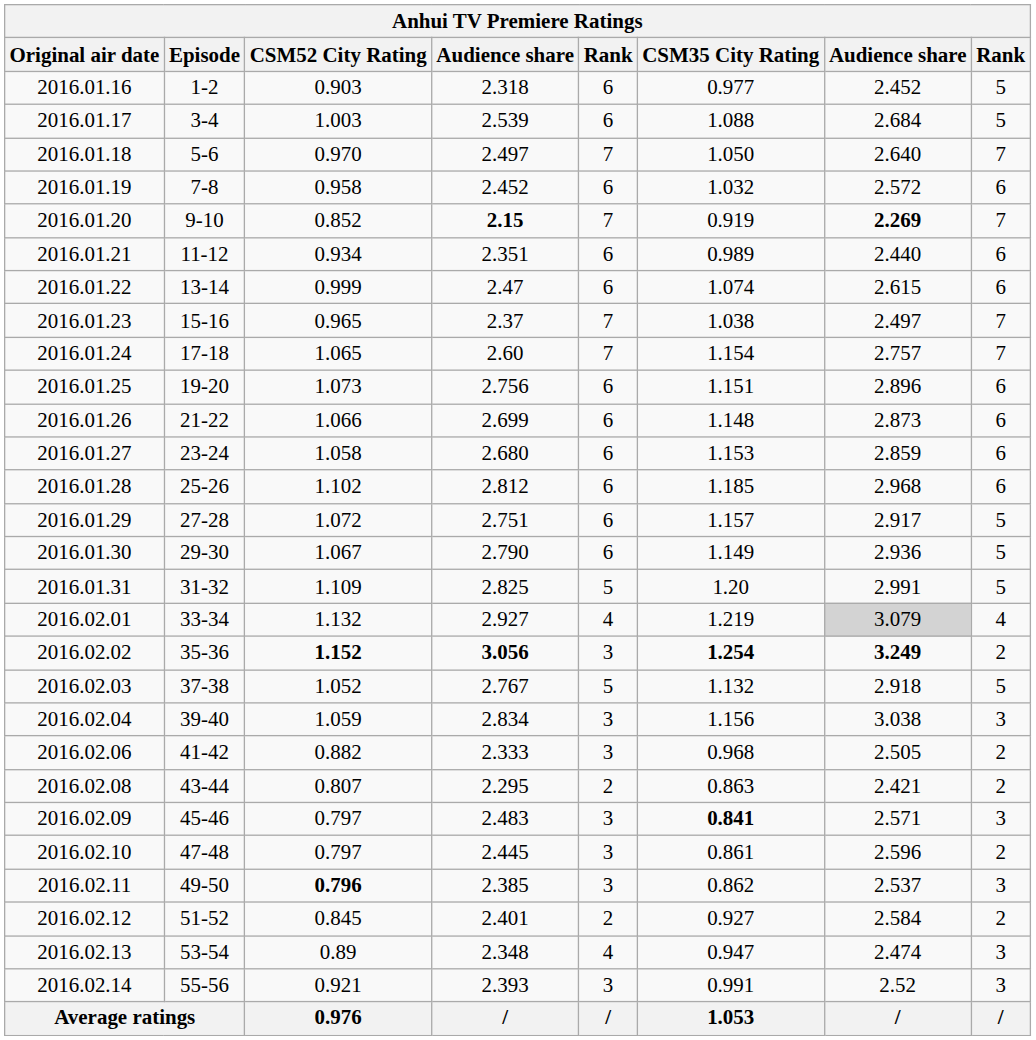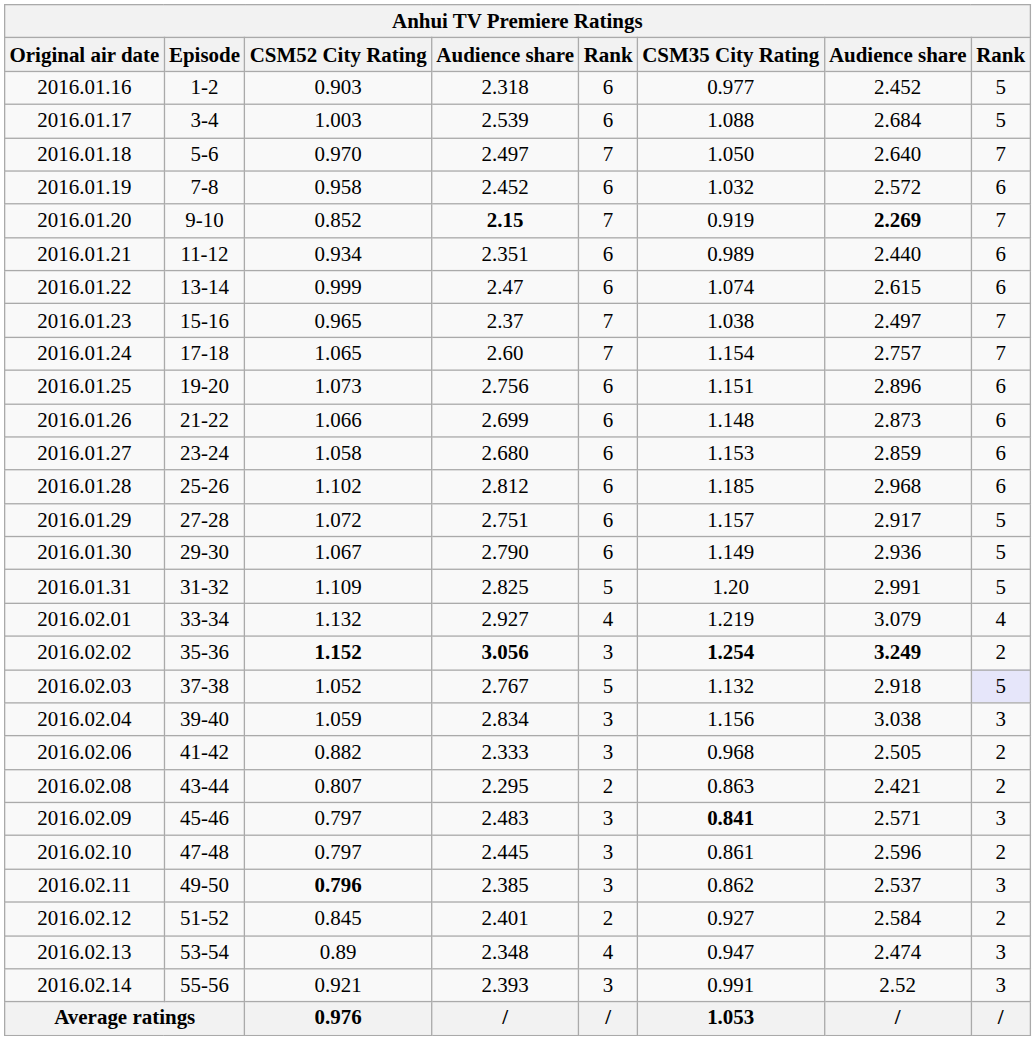 <table class="wikitable sortable mw-collapsible jquery-tablesorter" style="text-align:center">
 <tr>
 <th colspan="8">Anhui TV Premiere Ratings</th>
 </tr>
 <tr>
 <th>Original air date</th>
 <th>Episode</th>
 <th>CSM52 City Rating</th>
 <th>Audience share</th>
 <th>Rank</th>
 <th>CSM35 City Rating</th>
 <th>Audience share</th>
 <th>Rank</th>
 </tr>
 <tr>
 <td>2016.01.16</td>
 <td>1-2</td>
 <td>0.903</td>
 <td>2.318</td>
 <td>6</td>
 <td>0.977</td>
 <td>2.452</td>
 <td>5</td>
 </tr>
 <tr>
 <td>2016.01.17</td>
 <td>3-4</td>
 <td>1.003</td>
 <td>2.539</td>
 <td>6</td>
 <td>1.088</td>
 <td>2.684</td>
 <td>5</td>
 </tr>
 <tr>
 <td>2016.01.18</td>
 <td>5-6</td>
 <td>0.970</td>
 <td>2.497</td>
 <td>7</td>
 <td>1.050</td>
 <td>2.640</td>
 <td>7</td>
 </tr>
 <tr>
 <td>2016.01.19</td>
 <td>7-8</td>
 <td>0.958</td>
 <td>2.452</td>
 <td>6</td>
 <td>1.032</td>
 <td>2.572</td>
 <td>6</td>
 </tr>
 <tr>
 <td>2016.01.20</td>
 <td>9-10</td>
 <td>0.852</td>
 <td><strong><span>2.15</span></strong></td>
 <td>7</td>
 <td>0.919</td>
 <td><strong><span>2.269</span></strong></td>
 <td>7</td>
 </tr>
 <tr>
 <td>2016.01.21</td>
 <td>11-12</td>
 <td>0.934</td>
 <td>2.351</td>
 <td>6</td>
 <td>0.989</td>
 <td>2.440</td>
 <td>6</td>
 </tr>
 <tr>
 <td>2016.01.22</td>
 <td>13-14</td>
 <td>0.999</td>
 <td>2.47</td>
 <td>6</td>
 <td>1.074</td>
 <td>2.615</td>
 <td>6</td>
 </tr>
 <tr>
 <td>2016.01.23</td>
 <td>15-16</td>
 <td>0.965</td>
 <td>2.37</td>
 <td>7</td>
 <td>1.038</td>
 <td>2.497</td>
 <td>7</td>
 </tr>
 <tr>
 <td>2016.01.24</td>
 <td>17-18</td>
 <td>1.065</td>
 <td>2.60</td>
 <td>7</td>
 <td>1.154</td>
 <td>2.757</td>
 <td>7</td>
 </tr>
 <tr>
 <td>2016.01.25</td>
 <td>19-20</td>
 <td>1.073</td>
 <td>2.756</td>
 <td>6</td>
 <td>1.151</td>
 <td>2.896</td>
 <td>6</td>
 </tr>
 <tr>
 <td>2016.01.26</td>
 <td>21-22</td>
 <td>1.066</td>
 <td>2.699</td>
 <td>6</td>
 <td>1.148</td>
 <td>2.873</td>
 <td>6</td>
 </tr>
 <tr>
 <td>2016.01.27</td>
 <td>23-24</td>
 <td>1.058</td>
 <td>2.680</td>
 <td>6</td>
 <td>1.153</td>
 <td>2.859</td>
 <td>6</td>
 </tr>
 <tr>
 <td>2016.01.28</td>
 <td>25-26</td>
 <td>1.102</td>
 <td>2.812</td>
 <td>6</td>
 <td>1.185</td>
 <td>2.968</td>
 <td>6</td>
 </tr>
 <tr>
 <td>2016.01.29</td>
 <td>27-28</td>
 <td>1.072</td>
 <td>2.751</td>
 <td>6</td>
 <td>1.157</td>
 <td>2.917</td>
 <td>5</td>
 </tr>
 <tr>
 <td>2016.01.30</td>
 <td>29-30</td>
 <td>1.067</td>
 <td>2.790</td>
 <td>6</td>
 <td>1.149</td>
 <td>2.936</td>
 <td>5</td>
 </tr>
 <tr>
 <td>2016.01.31</td>
 <td>31-32</td>
 <td>1.109</td>
 <td>2.825</td>
 <td>5</td>
 <td>1.20</td>
 <td>2.991</td>
 <td>5</td>
 </tr>
 <tr>
 <td>2016.02.01</td>
 <td>33-34</td>
 <td>1.132</td>
 <td>2.927</td>
 <td>4</td>
 <td>1.219</td>
-<td style="background: lightgrey;">3.079</td>
+<td>3.079</td>
 <td>4</td>
 </tr>
 <tr>
 <td>2016.02.02</td>
 <td>35-36</td>
 <td><strong><span>1.152</span></strong></td>
 <td><strong><span>3.056</span></strong></td>
 <td>3</td>
 <td><strong><span>1.254</span></strong></td>
 <td><strong><span>3.249</span></strong></td>
 <td>2</td>
 </tr>
 <tr>
 <td>2016.02.03</td>
 <td>37-38</td>
 <td>1.052</td>
 <td>2.767</td>
 <td>5</td>
 <td>1.132</td>
 <td>2.918</td>
-<td>5</td>
+<td style="background: lavender;">5</td>
 </tr>
 <tr>
 <td>2016.02.04</td>
 <td>39-40</td>
 <td>1.059</td>
 <td>2.834</td>
 <td>3</td>
 <td>1.156</td>
 <td>3.038</td>
 <td>3</td>
 </tr>
 <tr>
 <td>2016.02.06</td>
 <td>41-42</td>
 <td>0.882</td>
 <td>2.333</td>
 <td>3</td>
 <td>0.968</td>
 <td>2.505</td>
 <td>2</td>
 </tr>
 <tr>
 <td>2016.02.08</td>
 <td>43-44</td>
 <td>0.807</td>
 <td>2.295</td>
 <td>2</td>
 <td>0.863</td>
 <td>2.421</td>
 <td>2</td>
 </tr>
 <tr>
 <td>2016.02.09</td>
 <td>45-46</td>
 <td>0.797</td>
 <td>2.483</td>
 <td>3</td>
 <td><strong><span>0.841</span></strong></td>
 <td>2.571</td>
 <td>3</td>
 </tr>
 <tr>
 <td>2016.02.10</td>
 <td>47-48</td>
 <td>0.797</td>
 <td>2.445</td>
 <td>3</td>
 <td>0.861</td>
 <td>2.596</td>
 <td>2</td>
 </tr>
 <tr>
 <td>2016.02.11</td>
 <td>49-50</td>
 <td><strong><span>0.796</span></strong></td>
 <td>2.385</td>
 <td>3</td>
 <td>0.862</td>
 <td>2.537</td>
 <td>3</td>
 </tr>
 <tr>
 <td>2016.02.12</td>
 <td>51-52</td>
 <td>0.845</td>
 <td>2.401</td>
 <td>2</td>
 <td>0.927</td>
 <td>2.584</td>
 <td>2</td>
 </tr>
 <tr>
 <td>2016.02.13</td>
 <td>53-54</td>
 <td>0.89</td>
 <td>2.348</td>
 <td>4</td>
 <td>0.947</td>
 <td>2.474</td>
 <td>3</td>
 </tr>
 <tr>
 <td>2016.02.14</td>
 <td>55-56</td>
 <td>0.921</td>
 <td>2.393</td>
 <td>3</td>
 <td>0.991</td>
 <td>2.52</td>
 <td>3</td>
 </tr>
 <tr>
 <th colspan="2" rowspan="1">Average ratings</th>
 <th>0.976</th>
 <th>/</th>
 <th>/</th>
 <th>1.053</th>
 <th>/</th>
 <th>/</th>
 </tr>
 </table>
